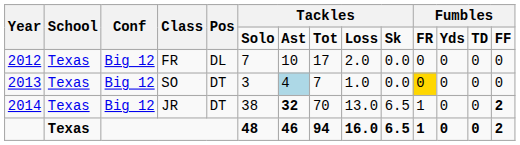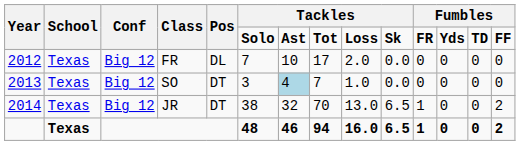 <table class="wikitable">
 <tr>
 <th rowspan="2">Year</th>
 <th rowspan="2">School</th>
 <th rowspan="2">Conf</th>
 <th rowspan="2">Class</th>
 <th rowspan="2">Pos</th>
 <th colspan="5" style="text-align: center; font-weight:bold;">Tackles</th>
 <th colspan="4" style="text-align: center; font-weight:bold;">Fumbles</th>
 </tr>
 <tr>
 <td style="font-weight:bold;">Solo</td>
 <td style="font-weight:bold;">Ast</td>
 <td style="font-weight:bold;">Tot</td>
 <td style="font-weight:bold;">Loss</td>
 <td style="font-weight:bold;">Sk</td>
 <td style="font-weight:bold;">FR</td>
 <td style="font-weight:bold;">Yds</td>
 <td style="font-weight:bold;">TD</td>
 <td style="font-weight:bold;">FF</td>
 </tr>
 <tr>
 <td><a href='#'>2012</a></td>
 <td><a href='#'>Texas</a></td>
 <td><a href='#'>Big 12</a></td>
 <td>FR</td>
 <td>DL</td>
 <td>7</td>
 <td>10</td>
 <td>17</td>
 <td>2.0</td>
 <td>0.0</td>
 <td>0</td>
 <td>0</td>
 <td>0</td>
 <td>0</td>
 </tr>
 <tr>
 <td><a href='#'>2013</a></td>
 <td><a href='#'>Texas</a></td>
 <td><a href='#'>Big 12</a></td>
 <td>SO</td>
 <td>DT</td>
 <td>3</td>
 <td style="background: lightblue;">4</td>
 <td>7</td>
 <td>1.0</td>
 <td>0.0</td>
-<td style="background: gold;">0</td>
+<td>0</td>
 <td>0</td>
 <td>0</td>
 <td>0</td>
 </tr>
 <tr>
 <td><a href='#'>2014</a></td>
 <td><a href='#'>Texas</a></td>
 <td><a href='#'>Big 12</a></td>
 <td>JR</td>
 <td>DT</td>
 <td>38</td>
-<td><strong>32</strong></td>
+<td>32</td>
 <td>70</td>
 <td>13.0</td>
 <td>6.5</td>
 <td>1</td>
 <td>0</td>
 <td>0</td>
-<td><strong>2</strong></td>
+<td>2</td>
 </tr>
 <tr>
 <td style="font-weight:bold;"></td>
 <td style="font-weight:bold;">Texas</td>
 <td colspan="3" style="font-weight:bold;"></td>
 <td style="font-weight:bold;">48</td>
 <td style="font-weight:bold;">46</td>
 <td style="font-weight:bold;">94</td>
 <td style="font-weight:bold;">16.0</td>
 <td style="font-weight:bold;">6.5</td>
 <td style="font-weight:bold;">1</td>
 <td style="font-weight:bold;">0</td>
 <td style="font-weight:bold;">0</td>
 <td style="font-weight:bold;">2</td>
 </tr>
 </table>
